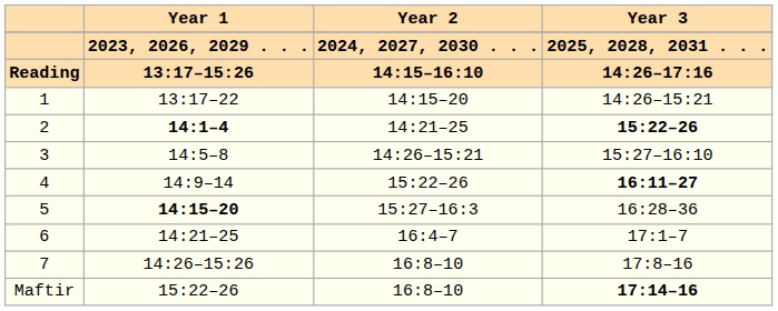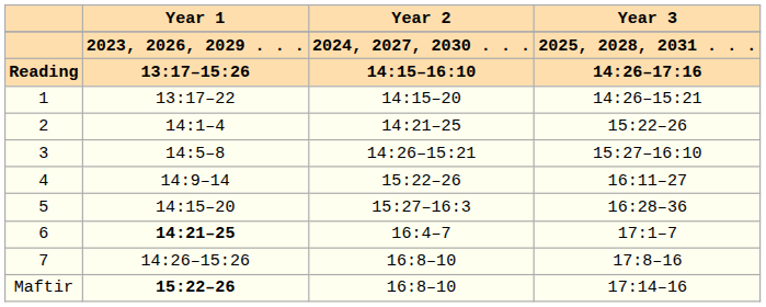 <table class="wikitable" style="background:Ivory; text-align:center">
 <tr>
 <th style="background:Navajowhite;"></th>
 <th style="background:Navajowhite;">Year 1</th>
 <th style="background:Navajowhite;">Year 2</th>
 <th style="background:Navajowhite;">Year 3</th>
 </tr>
 <tr>
 </tr>
 <tr>
 <th style="background:Navajowhite;"></th>
 <th style="background:Navajowhite;">2023, 2026, 2029 . . .</th>
 <th style="background:Navajowhite;">2024, 2027, 2030 . . .</th>
 <th style="background:Navajowhite;">2025, 2028, 2031 . . .</th>
 </tr>
 <tr>
 <th style="background:Navajowhite;">Reading</th>
 <th style="background:Navajowhite;">13:17–15:26</th>
 <th style="background:Navajowhite;">14:15–16:10</th>
 <th style="background:Navajowhite;">14:26–17:16</th>
 </tr>
 <tr>
 <td>1</td>
 <td>13:17–22</td>
 <td>14:15–20</td>
 <td>14:26–15:21</td>
 </tr>
 <tr>
 <td>2</td>
-<td><strong>14:1–4</strong></td>
+<td>14:1–4</td>
 <td>14:21–25</td>
-<td><strong>15:22–26</strong></td>
+<td>15:22–26</td>
 </tr>
 <tr>
 <td>3</td>
 <td>14:5–8</td>
 <td>14:26–15:21</td>
 <td>15:27–16:10</td>
 </tr>
 <tr>
 <td>4</td>
 <td>14:9–14</td>
 <td>15:22–26</td>
-<td><strong>16:11–27</strong></td>
+<td>16:11–27</td>
 </tr>
 <tr>
 <td>5</td>
-<td><strong>14:15–20</strong></td>
+<td>14:15–20</td>
 <td>15:27–16:3</td>
 <td>16:28–36</td>
 </tr>
 <tr>
 <td>6</td>
-<td>14:21–25</td>
+<td><strong>14:21–25</strong></td>
 <td>16:4–7</td>
 <td>17:1–7</td>
 </tr>
 <tr>
 <td>7</td>
 <td>14:26–15:26</td>
 <td>16:8–10</td>
 <td>17:8–16</td>
 </tr>
 <tr>
 <td>Maftir</td>
-<td>15:22–26</td>
+<td><strong>15:22–26</strong></td>
 <td>16:8–10</td>
-<td><strong>17:14–16</strong></td>
+<td>17:14–16</td>
 </tr>
 </table>
